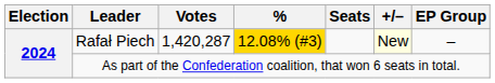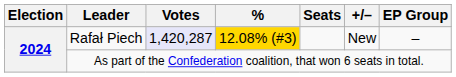 <table class="wikitable" style="text-align:center;">
 <tr>
 <th>Election</th>
 <th>Leader</th>
 <th>Votes</th>
 <th>%</th>
 <th>Seats</th>
 <th>+/–</th>
 <th>EP Group</th>
 </tr>
 <tr>
 <th rowspan=2><a href='#'>2024</a></th>
 <td>Rafał Piech</td>
-<td>1,420,287</td>
+<td style="background: lavender;">1,420,287</td>
 <td style="background: gold;">12.08% (#3)</td>
 <td></td>
-<td style="background: lightyellow;">New</td>
+<td>New</td>
 <td>–</td>
 </tr>
 <tr>
 <td colspan="6"><small>As part of the <a href='#'>Confederation</a> coalition, that won 6 seats in total.</small></td>
 </tr>
 </table>
